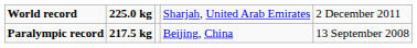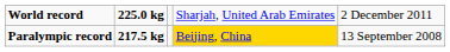 <table class="wikitable">
 <tr>
 <td><strong>World record</strong></td>
 <td><strong>225.0 kg</strong></td>
 <td></td>
 <td><a href='#'>Sharjah</a>, <a href='#'>United Arab Emirates</a></td>
 <td>2 December 2011</td>
 </tr>
 <tr>
 <td><strong>Paralympic record</strong></td>
 <td><strong>217.5 kg</strong></td>
 <td></td>
-<td><a href='#'>Beijing</a>, <a href='#'>China</a></td>
+<td style="background: gold;"><a href='#'>Beijing</a>, <a href='#'>China</a></td>
 <td>13 September 2008</td>
 </tr>
 </table>
